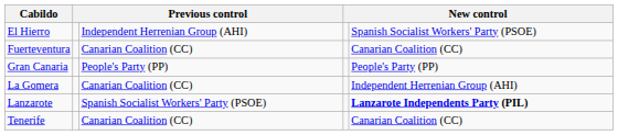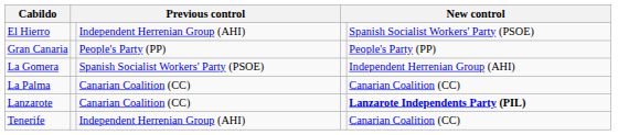 <table class="wikitable sortable">
 <tr>
 <th>Cabildo</th>
 <th colspan="2" style="width:375px;">Previous control</th>
 <th colspan="2" style="width:375px;">New control</th>
 </tr>
 <tr>
 <td><a href='#'>El Hierro</a></td>
 <td width="1" style="color:inherit;background:"></td>
 <td><a href='#'>Independent Herrenian Group</a> (AHI)</td>
 <td width="1" style="color:inherit;background:"></td>
 <td><a href='#'>Spanish Socialist Workers' Party</a> (PSOE)</td>
 </tr>
 <tr>
-<td><a href='#'>Fuerteventura</a></td>
-<td style="color:inherit;background:"></td>
-<td><a href='#'>Canarian Coalition</a> (CC)</td>
-<td style="color:inherit;background:"></td>
-<td><a href='#'>Canarian Coalition</a> (CC)</td>
-</tr>
-<tr>
 <td><a href='#'>Gran Canaria</a></td>
 <td style="color:inherit;background:"></td>
 <td><a href='#'>People's Party</a> (PP)</td>
 <td style="color:inherit;background:"></td>
 <td><a href='#'>People's Party</a> (PP)</td>
 </tr>
 <tr>
 <td><a href='#'>La Gomera</a></td>
 <td style="color:inherit;background:"></td>
-<td><a href='#'>Canarian Coalition</a> (CC)</td>
+<td><a href='#'>Spanish Socialist Workers' Party</a> (PSOE)</td>
 <td style="color:inherit;background:"></td>
 <td><a href='#'>Independent Herrenian Group</a> (AHI)</td>
 </tr>
 <tr>
+<td><a href='#'>La Palma</a></td>
+<td style="color:inherit;background:"></td>
+<td><a href='#'>Canarian Coalition</a> (CC)</td>
+<td style="color:inherit;background:"></td>
+<td><a href='#'>Canarian Coalition</a> (CC)</td>
+</tr>
+<tr>
 <td><a href='#'>Lanzarote</a></td>
 <td style="color:inherit;background:"></td>
-<td><a href='#'>Spanish Socialist Workers' Party</a> (PSOE)</td>
+<td><a href='#'>Canarian Coalition</a> (CC)</td>
 <td style="color:inherit;background:"></td>
 <td><strong><a href='#'>Lanzarote Independents Party</a> (PIL) </strong></td>
 </tr>
 <tr>
 <td><a href='#'>Tenerife</a></td>
 <td style="color:inherit;background:"></td>
-<td><a href='#'>Canarian Coalition</a> (CC)</td>
+<td><a href='#'>Independent Herrenian Group</a> (AHI)</td>
 <td style="color:inherit;background:"></td>
 <td><a href='#'>Canarian Coalition</a> (CC)</td>
 </tr>
 </table>
